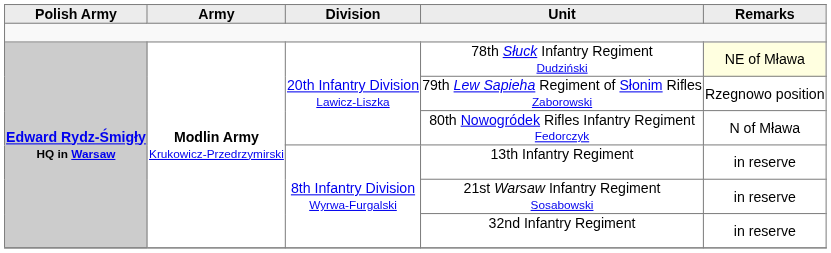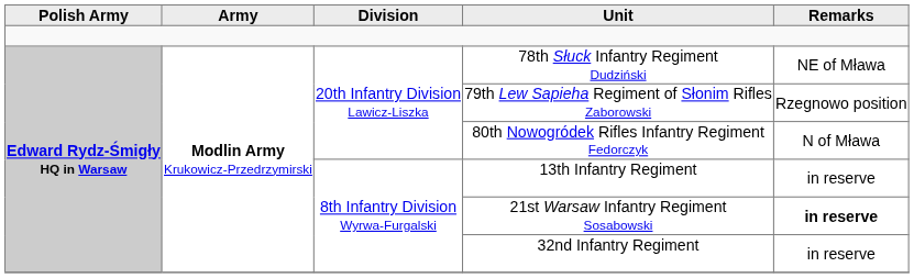 <table border="1" cellpadding="1" cellspacing="0" style="font-size: 85%; border: gray solid 1px; border-collapse: collapse; text-align: center;">
 <tr style="background: #ececec; color:black;">
 <th>Polish Army</th>
 <th>Army</th>
 <th>Division</th>
 <th>Unit</th>
 <th>Remarks</th>
 </tr>
 <tr>
 <th colspan="14" style="background: #f9f9f9; text-align: left;"> </th>
 </tr>
 <tr>
 <th rowspan=6  style="background:#ccc; border-bottom:1px solid gray;"><a href='#'>Edward Rydz-Śmigły</a><br><small>HQ in <a href='#'>Warsaw</a></small></th>
 <td rowspan=6><strong>Modlin Army</strong><br><small><a href='#'>Krukowicz-Przedrzymirski</a></small></td>
 <td rowspan=3><a href='#'>20th Infantry Division</a><br><small><a href='#'>Lawicz-Liszka</a></small></td>
 <td>78th <em><a href='#'>Słuck</a></em> Infantry Regiment<br><small><a href='#'>Dudziński</a></small></td>
-<td style="background: lightyellow;">NE of Mława</td>
+<td>NE of Mława</td>
 </tr>
 <tr>
 <td>79th <em><a href='#'>Lew Sapieha</a></em> Regiment of <a href='#'>Słonim</a> Rifles<br><small><a href='#'>Zaborowski</a></small></td>
 <td>Rzegnowo position</td>
 </tr>
 <tr>
 <td>80th <a href='#'>Nowogródek</a> Rifles Infantry Regiment<br><small><a href='#'>Fedorczyk</a></small></td>
 <td>N of Mława</td>
 </tr>
 <tr>
 <td rowspan=3><a href='#'>8th Infantry Division</a><br><small><a href='#'>Wyrwa-Furgalski</a></small></td>
 <td>13th Infantry Regiment<br><small> </small></td>
 <td>in reserve</td>
 </tr>
 <tr>
 <td>21st <em>Warsaw</em> Infantry Regiment<br><small><a href='#'>Sosabowski</a></small></td>
-<td>in reserve</td>
+<td><strong>in reserve</strong></td>
 </tr>
 <tr>
 <td>32nd Infantry Regiment<br><small> </small></td>
 <td>in reserve</td>
 </tr>
 <tr>
 </tr>
 </table>
